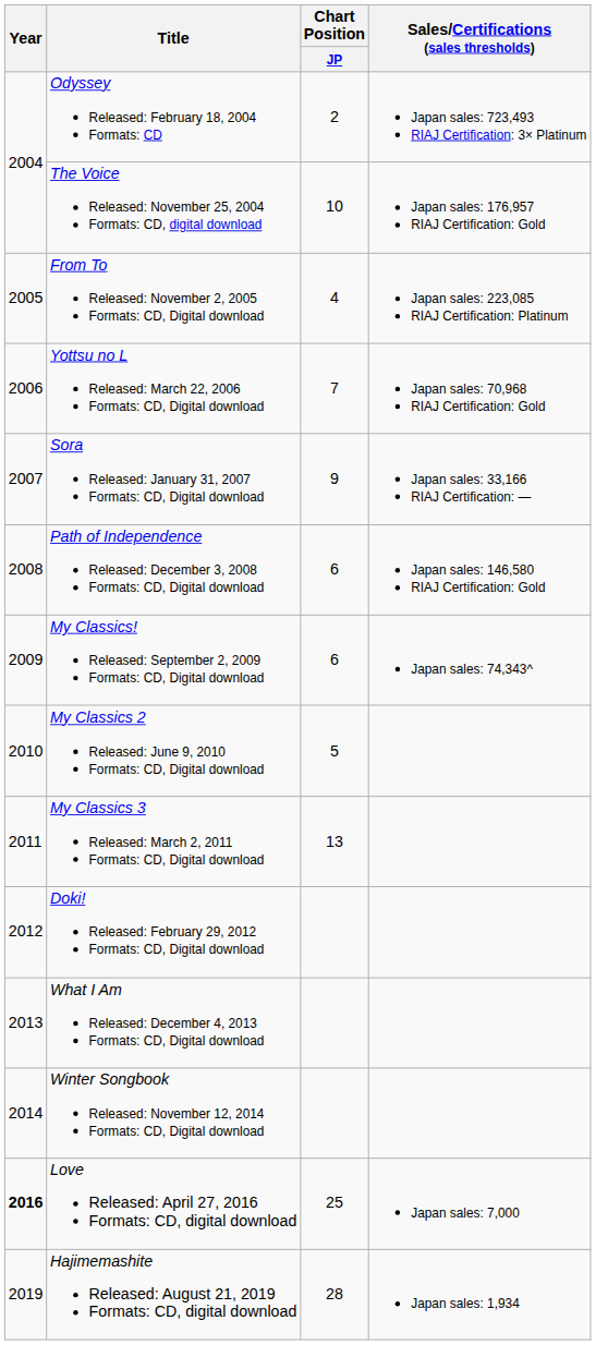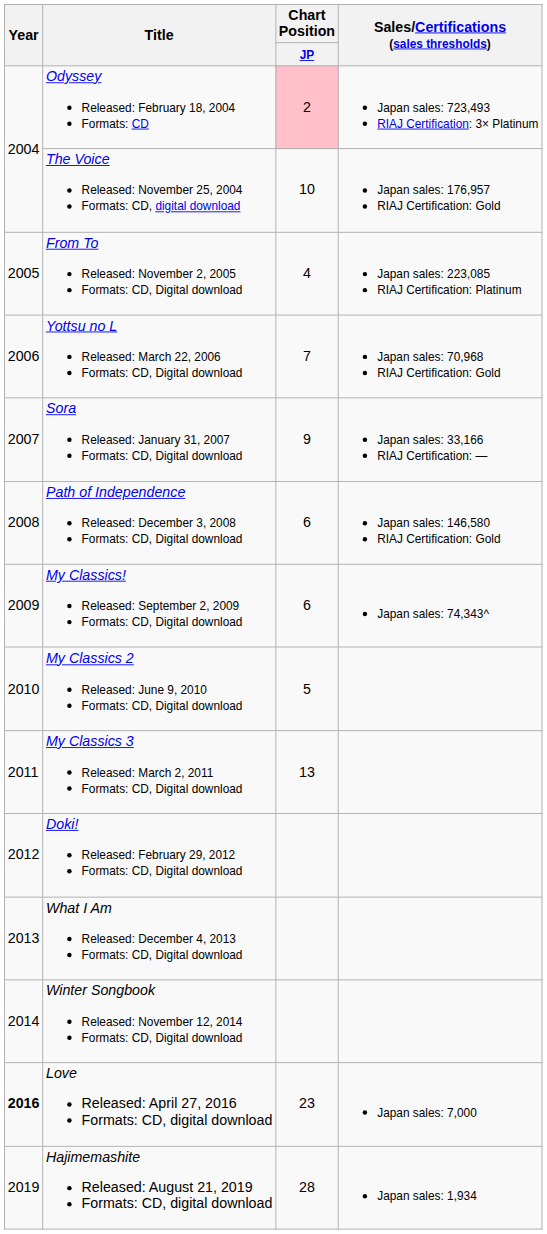 <table class="wikitable">
 <tr>
 <th rowspan="2">Year</th>
 <th rowspan="2">Title</th>
 <th>Chart Position</th>
 <th rowspan="2">Sales/<a href='#'>Certifications</a><br><small>(<a href='#'>sales thresholds</a>)</small></th>
 </tr>
 <tr>
 <th width="30"><small><a href='#'>JP</a></small></th>
 </tr>
 <tr>
 <td align="center" rowspan="2">2004</td>
 <td><em><a href='#'>Odyssey</a></em><br><ul><li><small>Released: February 18, 2004</small></li><li><small>Formats: <a href='#'>CD</a></small></li></ul></td>
-<td align="center">2</td>
+<td align="center" style="background: pink;">2</td>
 <td align="left"><br><ul><li><small>Japan sales: 723,493</small></li><li><small><a href='#'>RIAJ Certification</a>: 3× Platinum</small></li></ul></td>
 </tr>
 <tr>
 <td><em><a href='#'>The Voice</a></em><br><ul><li><small>Released: November 25, 2004</small></li><li><small>Formats: CD, <a href='#'>digital download</a></small></li></ul></td>
 <td align="center">10</td>
 <td align="left"><br><ul><li><small>Japan sales: 176,957</small></li><li><small>RIAJ Certification: Gold</small></li></ul></td>
 </tr>
 <tr>
 <td>2005</td>
 <td><em><a href='#'>From To</a></em><br><ul><li><small>Released: November 2, 2005</small></li><li><small>Formats: CD, Digital download</small></li></ul></td>
 <td align="center">4</td>
 <td align="left"><br><ul><li><small>Japan sales: 223,085</small></li><li><small>RIAJ Certification: Platinum</small></li></ul></td>
 </tr>
 <tr>
 <td>2006</td>
 <td><em><a href='#'>Yottsu no L</a></em><br><ul><li><small>Released: March 22, 2006</small></li><li><small>Formats: CD, Digital download</small></li></ul></td>
 <td align="center">7</td>
 <td align="left"><br><ul><li><small>Japan sales: 70,968</small></li><li><small>RIAJ Certification: Gold</small></li></ul></td>
 </tr>
 <tr>
 <td>2007</td>
 <td><em><a href='#'>Sora</a></em><br><ul><li><small>Released: January 31, 2007</small></li><li><small>Formats: CD, Digital download</small></li></ul></td>
 <td align="center">9</td>
 <td align="left"><br><ul><li><small>Japan sales: 33,166</small></li><li><small>RIAJ Certification: —</small></li></ul></td>
 </tr>
 <tr>
 <td>2008</td>
 <td><em><a href='#'>Path of Independence</a></em><br><ul><li><small>Released: December 3, 2008</small></li><li><small>Formats: CD, Digital download</small></li></ul></td>
 <td align="center">6</td>
 <td align="left"><br><ul><li><small>Japan sales: 146,580</small></li><li><small>RIAJ Certification: Gold</small></li></ul></td>
 </tr>
 <tr>
 <td>2009</td>
 <td><em><a href='#'>My Classics!</a></em><br><ul><li><small>Released: September 2, 2009</small></li><li><small>Formats: CD, Digital download</small></li></ul></td>
 <td align="center">6</td>
 <td align="left"><br><ul><li><small>Japan sales: 74,343^</small></li></ul></td>
 </tr>
 <tr>
 <td>2010</td>
 <td><em><a href='#'>My Classics 2</a></em><br><ul><li><small>Released: June 9, 2010</small></li><li><small>Formats: CD, Digital download</small></li></ul></td>
 <td align="center">5</td>
 <td align="left"></td>
 </tr>
 <tr>
 <td>2011</td>
 <td><em><a href='#'>My Classics 3</a></em><br><ul><li><small>Released: March 2, 2011</small></li><li><small>Formats: CD, Digital download</small></li></ul></td>
 <td align="center">13</td>
 <td align="left"></td>
 </tr>
 <tr>
 <td>2012</td>
 <td><em><a href='#'>Doki!</a></em><br><ul><li><small>Released: February 29, 2012</small></li><li><small>Formats: CD, Digital download</small></li></ul></td>
 <td align="center"></td>
 <td align="left"></td>
 </tr>
 <tr>
 <td>2013</td>
 <td><em>What I Am</em><br><ul><li><small>Released: December 4, 2013</small></li><li><small>Formats: CD, Digital download</small></li></ul></td>
 <td align="center"></td>
 <td align="left"></td>
 </tr>
 <tr>
 <td>2014</td>
 <td><em>Winter Songbook</em><br><ul><li><small>Released: November 12, 2014</small></li><li><small>Formats: CD, Digital download</small></li></ul></td>
 <td align="center"></td>
 <td align="left"></td>
 </tr>
 <tr>
 <td><strong>2016</strong></td>
 <td><em>Love</em><br><ul><li>Released: April 27, 2016</li><li>Formats: CD, digital download</li></ul></td>
-<td align="center">25</td>
+<td align="center">23</td>
 <td align="left"><br><ul><li><small>Japan sales: 7,000</small></li></ul></td>
 </tr>
 <tr>
 <td>2019</td>
 <td><em>Hajimemashite</em><br><ul><li>Released: August 21, 2019</li><li>Formats: CD, digital download</li></ul></td>
 <td align="center">28</td>
 <td align="left"><br><ul><li><small>Japan sales: 1,934</small></li></ul></td>
 </tr>
 </table>
